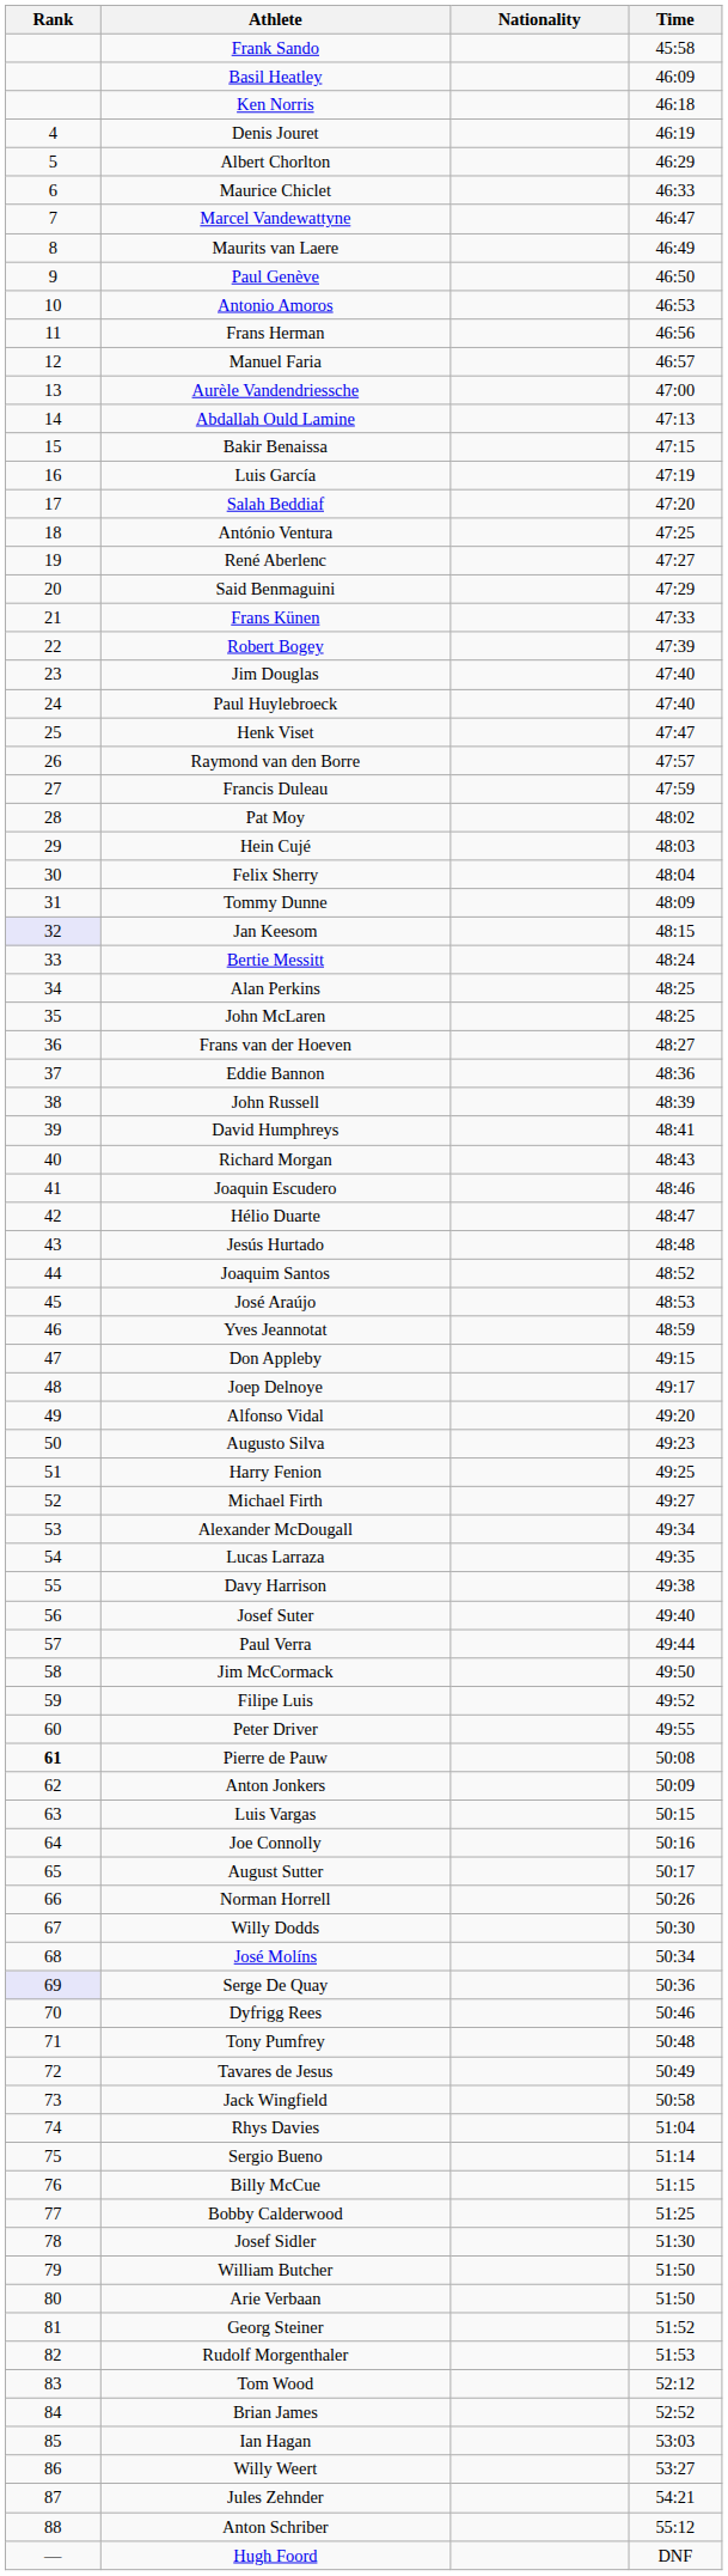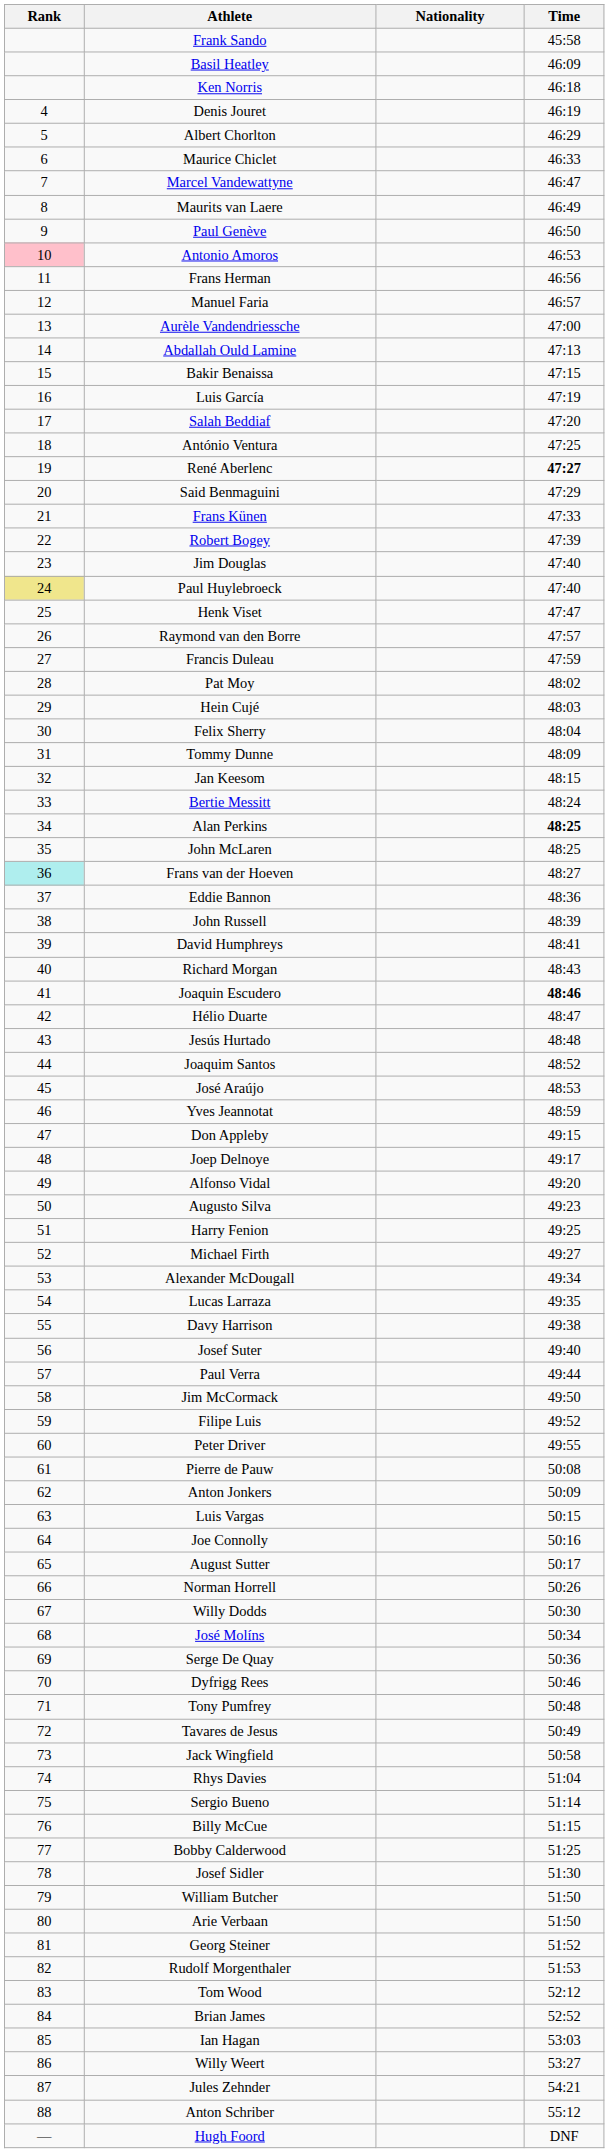 <table class="wikitable sortable" style=" text-align:center; font-size:95%;" width="50%">
 <tr>
 <th>Rank</th>
 <th>Athlete</th>
 <th>Nationality</th>
 <th>Time</th>
 </tr>
 <tr>
 <td align=center></td>
 <td><a href='#'>Frank Sando</a></td>
 <td></td>
 <td>45:58</td>
 </tr>
 <tr>
 <td align=center></td>
 <td><a href='#'>Basil Heatley</a></td>
 <td></td>
 <td>46:09</td>
 </tr>
 <tr>
 <td align=center></td>
 <td><a href='#'>Ken Norris</a></td>
 <td></td>
 <td>46:18</td>
 </tr>
 <tr>
 <td align=center>4</td>
 <td>Denis Jouret</td>
 <td></td>
 <td>46:19</td>
 </tr>
 <tr>
 <td align=center>5</td>
 <td>Albert Chorlton</td>
 <td></td>
 <td>46:29</td>
 </tr>
 <tr>
 <td align=center>6</td>
 <td>Maurice Chiclet</td>
 <td></td>
 <td>46:33</td>
 </tr>
 <tr>
 <td align=center>7</td>
 <td><a href='#'>Marcel Vandewattyne</a></td>
 <td></td>
 <td>46:47</td>
 </tr>
 <tr>
 <td align=center>8</td>
 <td>Maurits van Laere</td>
 <td></td>
 <td>46:49</td>
 </tr>
 <tr>
 <td align=center>9</td>
 <td><a href='#'>Paul Genève</a></td>
 <td></td>
 <td>46:50</td>
 </tr>
 <tr>
-<td align=center>10</td>
+<td align=center style="background: pink;">10</td>
 <td><a href='#'>Antonio Amoros</a></td>
 <td></td>
 <td>46:53</td>
 </tr>
 <tr>
 <td align=center>11</td>
 <td>Frans Herman</td>
 <td></td>
 <td>46:56</td>
 </tr>
 <tr>
 <td align=center>12</td>
 <td>Manuel Faria</td>
 <td></td>
 <td>46:57</td>
 </tr>
 <tr>
 <td align=center>13</td>
 <td><a href='#'>Aurèle Vandendriessche</a></td>
 <td></td>
 <td>47:00</td>
 </tr>
 <tr>
 <td align=center>14</td>
 <td><a href='#'>Abdallah Ould Lamine</a></td>
 <td></td>
 <td>47:13</td>
 </tr>
 <tr>
 <td align=center>15</td>
 <td>Bakir Benaissa</td>
 <td></td>
 <td>47:15</td>
 </tr>
 <tr>
 <td align=center>16</td>
 <td>Luis García</td>
 <td></td>
 <td>47:19</td>
 </tr>
 <tr>
 <td align=center>17</td>
 <td><a href='#'>Salah Beddiaf</a></td>
 <td></td>
 <td>47:20</td>
 </tr>
 <tr>
 <td align=center>18</td>
 <td>António Ventura</td>
 <td></td>
 <td>47:25</td>
 </tr>
 <tr>
 <td align=center>19</td>
 <td>René Aberlenc</td>
 <td></td>
-<td>47:27</td>
+<td><strong>47:27</strong></td>
 </tr>
 <tr>
 <td align=center>20</td>
 <td>Said Benmaguini</td>
 <td></td>
 <td>47:29</td>
 </tr>
 <tr>
 <td align=center>21</td>
 <td><a href='#'>Frans Künen</a></td>
 <td></td>
 <td>47:33</td>
 </tr>
 <tr>
 <td align=center>22</td>
 <td><a href='#'>Robert Bogey</a></td>
 <td></td>
 <td>47:39</td>
 </tr>
 <tr>
 <td align=center>23</td>
 <td>Jim Douglas</td>
 <td></td>
 <td>47:40</td>
 </tr>
 <tr>
-<td align=center>24</td>
+<td align=center style="background: khaki;">24</td>
 <td>Paul Huylebroeck</td>
 <td></td>
 <td>47:40</td>
 </tr>
 <tr>
 <td align=center>25</td>
 <td>Henk Viset</td>
 <td></td>
 <td>47:47</td>
 </tr>
 <tr>
 <td align=center>26</td>
 <td>Raymond van den Borre</td>
 <td></td>
 <td>47:57</td>
 </tr>
 <tr>
 <td align=center>27</td>
 <td>Francis Duleau</td>
 <td></td>
 <td>47:59</td>
 </tr>
 <tr>
 <td align=center>28</td>
 <td>Pat Moy</td>
 <td></td>
 <td>48:02</td>
 </tr>
 <tr>
 <td align=center>29</td>
 <td>Hein Cujé</td>
 <td></td>
 <td>48:03</td>
 </tr>
 <tr>
 <td align=center>30</td>
 <td>Felix Sherry</td>
 <td></td>
 <td>48:04</td>
 </tr>
 <tr>
 <td align=center>31</td>
 <td>Tommy Dunne</td>
 <td></td>
 <td>48:09</td>
 </tr>
 <tr>
-<td align=center style="background: lavender;">32</td>
+<td align=center>32</td>
 <td>Jan Keesom</td>
 <td></td>
 <td>48:15</td>
 </tr>
 <tr>
 <td align=center>33</td>
 <td><a href='#'>Bertie Messitt</a></td>
 <td></td>
 <td>48:24</td>
 </tr>
 <tr>
 <td align=center>34</td>
 <td>Alan Perkins</td>
 <td></td>
-<td>48:25</td>
+<td><strong>48:25</strong></td>
 </tr>
 <tr>
 <td align=center>35</td>
 <td>John McLaren</td>
 <td></td>
 <td>48:25</td>
 </tr>
 <tr>
-<td align=center>36</td>
+<td align=center style="background: paleturquoise;">36</td>
 <td>Frans van der Hoeven</td>
 <td></td>
 <td>48:27</td>
 </tr>
 <tr>
 <td align=center>37</td>
 <td>Eddie Bannon</td>
 <td></td>
 <td>48:36</td>
 </tr>
 <tr>
 <td align=center>38</td>
 <td>John Russell</td>
 <td></td>
 <td>48:39</td>
 </tr>
 <tr>
 <td align=center>39</td>
 <td>David Humphreys</td>
 <td></td>
 <td>48:41</td>
 </tr>
 <tr>
 <td align=center>40</td>
 <td>Richard Morgan</td>
 <td></td>
 <td>48:43</td>
 </tr>
 <tr>
 <td align=center>41</td>
 <td>Joaquin Escudero</td>
 <td></td>
-<td>48:46</td>
+<td><strong>48:46</strong></td>
 </tr>
 <tr>
 <td align=center>42</td>
 <td>Hélio Duarte</td>
 <td></td>
 <td>48:47</td>
 </tr>
 <tr>
 <td align=center>43</td>
 <td>Jesús Hurtado</td>
 <td></td>
 <td>48:48</td>
 </tr>
 <tr>
 <td align=center>44</td>
 <td>Joaquim Santos</td>
 <td></td>
 <td>48:52</td>
 </tr>
 <tr>
 <td align=center>45</td>
 <td>José Araújo</td>
 <td></td>
 <td>48:53</td>
 </tr>
 <tr>
 <td align=center>46</td>
 <td>Yves Jeannotat</td>
 <td></td>
 <td>48:59</td>
 </tr>
 <tr>
 <td align=center>47</td>
 <td>Don Appleby</td>
 <td></td>
 <td>49:15</td>
 </tr>
 <tr>
 <td align=center>48</td>
 <td>Joep Delnoye</td>
 <td></td>
 <td>49:17</td>
 </tr>
 <tr>
 <td align=center>49</td>
 <td>Alfonso Vidal</td>
 <td></td>
 <td>49:20</td>
 </tr>
 <tr>
 <td align=center>50</td>
 <td>Augusto Silva</td>
 <td></td>
 <td>49:23</td>
 </tr>
 <tr>
 <td align=center>51</td>
 <td>Harry Fenion</td>
 <td></td>
 <td>49:25</td>
 </tr>
 <tr>
 <td align=center>52</td>
 <td>Michael Firth</td>
 <td></td>
 <td>49:27</td>
 </tr>
 <tr>
 <td align=center>53</td>
 <td>Alexander McDougall</td>
 <td></td>
 <td>49:34</td>
 </tr>
 <tr>
 <td align=center>54</td>
 <td>Lucas Larraza</td>
 <td></td>
 <td>49:35</td>
 </tr>
 <tr>
 <td align=center>55</td>
 <td>Davy Harrison</td>
 <td></td>
 <td>49:38</td>
 </tr>
 <tr>
 <td align=center>56</td>
 <td>Josef Suter</td>
 <td></td>
 <td>49:40</td>
 </tr>
 <tr>
 <td align=center>57</td>
 <td>Paul Verra</td>
 <td></td>
 <td>49:44</td>
 </tr>
 <tr>
 <td align=center>58</td>
 <td>Jim McCormack</td>
 <td></td>
 <td>49:50</td>
 </tr>
 <tr>
 <td align=center>59</td>
 <td>Filipe Luis</td>
 <td></td>
 <td>49:52</td>
 </tr>
 <tr>
 <td align=center>60</td>
 <td>Peter Driver</td>
 <td></td>
 <td>49:55</td>
 </tr>
 <tr>
-<td align=center><strong>61</strong></td>
+<td align=center>61</td>
 <td>Pierre de Pauw</td>
 <td></td>
 <td>50:08</td>
 </tr>
 <tr>
 <td align=center>62</td>
 <td>Anton Jonkers</td>
 <td></td>
 <td>50:09</td>
 </tr>
 <tr>
 <td align=center>63</td>
 <td>Luis Vargas</td>
 <td></td>
 <td>50:15</td>
 </tr>
 <tr>
 <td align=center>64</td>
 <td>Joe Connolly</td>
 <td></td>
 <td>50:16</td>
 </tr>
 <tr>
 <td align=center>65</td>
 <td>August Sutter</td>
 <td></td>
 <td>50:17</td>
 </tr>
 <tr>
 <td align=center>66</td>
 <td>Norman Horrell</td>
 <td></td>
 <td>50:26</td>
 </tr>
 <tr>
 <td align=center>67</td>
 <td>Willy Dodds</td>
 <td></td>
 <td>50:30</td>
 </tr>
 <tr>
 <td align=center>68</td>
 <td><a href='#'>José Molíns</a></td>
 <td></td>
 <td>50:34</td>
 </tr>
 <tr>
-<td align=center style="background: lavender;">69</td>
+<td align=center>69</td>
 <td>Serge De Quay</td>
 <td></td>
 <td>50:36</td>
 </tr>
 <tr>
 <td align=center>70</td>
 <td>Dyfrigg Rees</td>
 <td></td>
 <td>50:46</td>
 </tr>
 <tr>
 <td align=center>71</td>
 <td>Tony Pumfrey</td>
 <td></td>
 <td>50:48</td>
 </tr>
 <tr>
 <td align=center>72</td>
 <td>Tavares de Jesus</td>
 <td></td>
 <td>50:49</td>
 </tr>
 <tr>
 <td align=center>73</td>
 <td>Jack Wingfield</td>
 <td></td>
 <td>50:58</td>
 </tr>
 <tr>
 <td align=center>74</td>
 <td>Rhys Davies</td>
 <td></td>
 <td>51:04</td>
 </tr>
 <tr>
 <td align=center>75</td>
 <td>Sergio Bueno</td>
 <td></td>
 <td>51:14</td>
 </tr>
 <tr>
 <td align=center>76</td>
 <td>Billy McCue</td>
 <td></td>
 <td>51:15</td>
 </tr>
 <tr>
 <td align=center>77</td>
 <td>Bobby Calderwood</td>
 <td></td>
 <td>51:25</td>
 </tr>
 <tr>
 <td align=center>78</td>
 <td>Josef Sidler</td>
 <td></td>
 <td>51:30</td>
 </tr>
 <tr>
 <td align=center>79</td>
 <td>William Butcher</td>
 <td></td>
 <td>51:50</td>
 </tr>
 <tr>
 <td align=center>80</td>
 <td>Arie Verbaan</td>
 <td></td>
 <td>51:50</td>
 </tr>
 <tr>
 <td align=center>81</td>
 <td>Georg Steiner</td>
 <td></td>
 <td>51:52</td>
 </tr>
 <tr>
 <td align=center>82</td>
 <td>Rudolf Morgenthaler</td>
 <td></td>
 <td>51:53</td>
 </tr>
 <tr>
 <td align=center>83</td>
 <td>Tom Wood</td>
 <td></td>
 <td>52:12</td>
 </tr>
 <tr>
 <td align=center>84</td>
 <td>Brian James</td>
 <td></td>
 <td>52:52</td>
 </tr>
 <tr>
 <td align=center>85</td>
 <td>Ian Hagan</td>
 <td></td>
 <td>53:03</td>
 </tr>
 <tr>
 <td align=center>86</td>
 <td>Willy Weert</td>
 <td></td>
 <td>53:27</td>
 </tr>
 <tr>
 <td align=center>87</td>
 <td>Jules Zehnder</td>
 <td></td>
 <td>54:21</td>
 </tr>
 <tr>
 <td align=center>88</td>
 <td>Anton Schriber</td>
 <td></td>
 <td>55:12</td>
 </tr>
 <tr>
 <td align=center>—</td>
 <td><a href='#'>Hugh Foord</a></td>
 <td></td>
 <td>DNF</td>
 </tr>
 </table>
